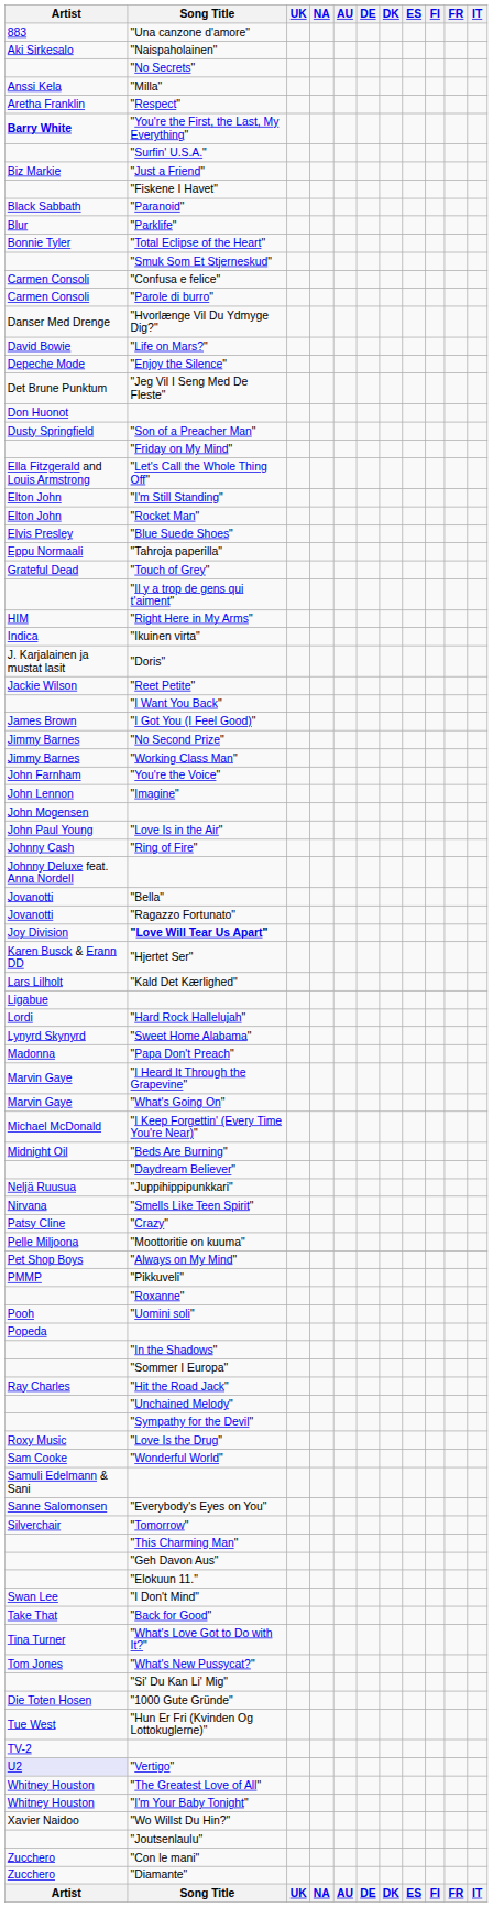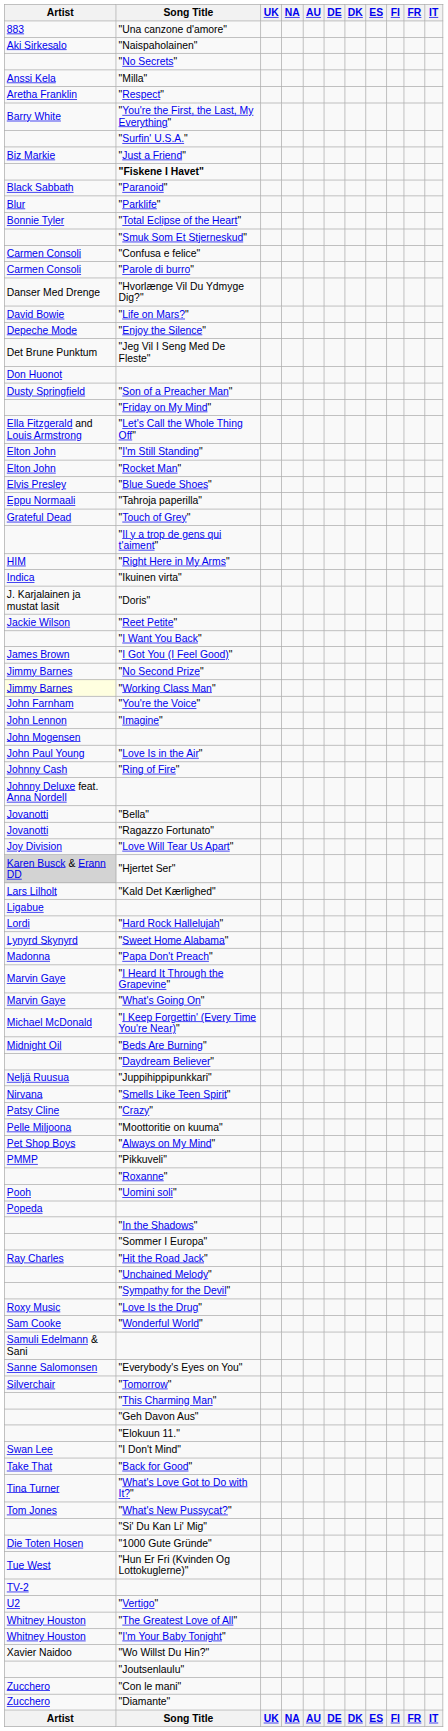 <table class="wikitable sortable" style="font-size:90%; texisn notmargin: 5px;">
 <tr>
 <th style="width:240px;">Artist</th>
 <th style="width:280px;">Song Title</th>
 <th width=25px><a href='#'>UK</a></th>
 <th width=25px><a href='#'>NA</a></th>
 <th width=25px><a href='#'>AU</a></th>
 <th width=25px><a href='#'>DE</a></th>
 <th width=25px><a href='#'>DK</a></th>
 <th width=25px><a href='#'>ES</a></th>
 <th width=25px><a href='#'>FI</a></th>
 <th width=25px><a href='#'>FR</a></th>
 <th width=25px><a href='#'>IT</a></th>
 </tr>
 <tr>
 <td><a href='#'>883</a></td>
 <td>"Una canzone d'amore"</td>
 <td></td>
 <td></td>
 <td></td>
 <td></td>
 <td></td>
 <td></td>
 <td></td>
 <td></td>
 <td></td>
 </tr>
 <tr>
 <td><a href='#'>Aki Sirkesalo</a></td>
 <td>"Naispaholainen"</td>
 <td></td>
 <td></td>
 <td></td>
 <td></td>
 <td></td>
 <td></td>
 <td></td>
 <td></td>
 <td></td>
 </tr>
 <tr>
 <td></td>
 <td>"<a href='#'>No Secrets</a>"</td>
 <td></td>
 <td></td>
 <td></td>
 <td></td>
 <td></td>
 <td></td>
 <td></td>
 <td></td>
 <td></td>
 </tr>
 <tr>
 <td><a href='#'>Anssi Kela</a></td>
 <td>"Milla"</td>
 <td></td>
 <td></td>
 <td></td>
 <td></td>
 <td></td>
 <td></td>
 <td></td>
 <td></td>
 <td></td>
 </tr>
 <tr>
 <td><a href='#'>Aretha Franklin</a></td>
 <td>"<a href='#'>Respect</a>"</td>
 <td></td>
 <td></td>
 <td></td>
 <td></td>
 <td></td>
 <td></td>
 <td></td>
 <td></td>
 <td></td>
 </tr>
 <tr>
-<td><strong><a href='#'>Barry White</a></strong></td>
+<td><a href='#'>Barry White</a></td>
 <td>"<a href='#'>You're the First, the Last, My Everything</a>"</td>
 <td></td>
 <td></td>
 <td></td>
 <td></td>
 <td></td>
 <td></td>
 <td></td>
 <td></td>
 <td></td>
 </tr>
 <tr>
 <td></td>
 <td>"<a href='#'>Surfin' U.S.A.</a>"</td>
 <td></td>
 <td></td>
 <td></td>
 <td></td>
 <td></td>
 <td></td>
 <td></td>
 <td></td>
 <td></td>
 </tr>
 <tr>
 <td><a href='#'>Biz Markie</a></td>
 <td>"<a href='#'>Just a Friend</a>"</td>
 <td></td>
 <td></td>
 <td></td>
 <td></td>
 <td></td>
 <td></td>
 <td></td>
 <td></td>
 <td></td>
 </tr>
 <tr>
 <td></td>
-<td>"Fiskene I Havet"</td>
+<td><strong>"Fiskene I Havet"</strong></td>
 <td></td>
 <td></td>
 <td></td>
 <td></td>
 <td></td>
 <td></td>
 <td></td>
 <td></td>
 <td></td>
 </tr>
 <tr>
 <td><a href='#'>Black Sabbath</a></td>
 <td>"<a href='#'>Paranoid</a>"</td>
 <td></td>
 <td></td>
 <td></td>
 <td></td>
 <td></td>
 <td></td>
 <td></td>
 <td></td>
 <td></td>
 </tr>
 <tr>
 <td><a href='#'>Blur</a></td>
 <td>"<a href='#'>Parklife</a>"</td>
 <td></td>
 <td></td>
 <td></td>
 <td></td>
 <td></td>
 <td></td>
 <td></td>
 <td></td>
 <td></td>
 </tr>
 <tr>
 <td><a href='#'>Bonnie Tyler</a></td>
 <td>"<a href='#'>Total Eclipse of the Heart</a>"</td>
 <td></td>
 <td></td>
 <td></td>
 <td></td>
 <td></td>
 <td></td>
 <td></td>
 <td></td>
 <td></td>
 </tr>
 <tr>
 <td></td>
 <td>"<a href='#'>Smuk Som Et Stjerneskud</a>"</td>
 <td></td>
 <td></td>
 <td></td>
 <td></td>
 <td></td>
 <td></td>
 <td></td>
 <td></td>
 <td></td>
 </tr>
 <tr>
 <td><a href='#'>Carmen Consoli</a></td>
 <td>"Confusa e felice"</td>
 <td></td>
 <td></td>
 <td></td>
 <td></td>
 <td></td>
 <td></td>
 <td></td>
 <td></td>
 <td></td>
 </tr>
 <tr>
 <td><a href='#'>Carmen Consoli</a></td>
 <td>"<a href='#'>Parole di burro</a>"</td>
 <td></td>
 <td></td>
 <td></td>
 <td></td>
 <td></td>
 <td></td>
 <td></td>
 <td></td>
 <td></td>
 </tr>
 <tr>
 <td>Danser Med Drenge</td>
 <td>"Hvorlænge Vil Du Ydmyge Dig?"</td>
 <td></td>
 <td></td>
 <td></td>
 <td></td>
 <td></td>
 <td></td>
 <td></td>
 <td></td>
 <td></td>
 </tr>
 <tr>
 <td><a href='#'>David Bowie</a></td>
 <td>"<a href='#'>Life on Mars?</a>"</td>
 <td></td>
 <td></td>
 <td></td>
 <td></td>
 <td></td>
 <td></td>
 <td></td>
 <td></td>
 <td></td>
 </tr>
 <tr>
 <td><a href='#'>Depeche Mode</a></td>
 <td>"<a href='#'>Enjoy the Silence</a>"</td>
 <td></td>
 <td></td>
 <td></td>
 <td></td>
 <td></td>
 <td></td>
 <td></td>
 <td></td>
 <td></td>
 </tr>
 <tr>
 <td>Det Brune Punktum</td>
 <td>"Jeg Vil I Seng Med De Fleste"</td>
 <td></td>
 <td></td>
 <td></td>
 <td></td>
 <td></td>
 <td></td>
 <td></td>
 <td></td>
 <td></td>
 </tr>
 <tr>
 <td><a href='#'>Don Huonot</a></td>
 <td></td>
 <td></td>
 <td></td>
 <td></td>
 <td></td>
 <td></td>
 <td></td>
 <td></td>
 <td></td>
 <td></td>
 </tr>
 <tr>
 <td><a href='#'>Dusty Springfield</a></td>
 <td>"<a href='#'>Son of a Preacher Man</a>"</td>
 <td></td>
 <td></td>
 <td></td>
 <td></td>
 <td></td>
 <td></td>
 <td></td>
 <td></td>
 <td></td>
 </tr>
 <tr>
 <td></td>
 <td>"<a href='#'>Friday on My Mind</a>"</td>
 <td></td>
 <td></td>
 <td></td>
 <td></td>
 <td></td>
 <td></td>
 <td></td>
 <td></td>
 <td></td>
 </tr>
 <tr>
 <td><a href='#'>Ella Fitzgerald</a> and <a href='#'>Louis Armstrong</a></td>
 <td>"<a href='#'>Let's Call the Whole Thing Off</a>"</td>
 <td></td>
 <td></td>
 <td></td>
 <td></td>
 <td></td>
 <td></td>
 <td></td>
 <td></td>
 <td></td>
 </tr>
 <tr>
 <td><a href='#'>Elton John</a></td>
 <td>"<a href='#'>I'm Still Standing</a>"</td>
 <td></td>
 <td></td>
 <td></td>
 <td></td>
 <td></td>
 <td></td>
 <td></td>
 <td></td>
 <td></td>
 </tr>
 <tr>
 <td><a href='#'>Elton John</a></td>
 <td>"<a href='#'>Rocket Man</a>"</td>
 <td></td>
 <td></td>
 <td></td>
 <td></td>
 <td></td>
 <td></td>
 <td></td>
 <td></td>
 <td></td>
 </tr>
 <tr>
 <td><a href='#'>Elvis Presley</a></td>
 <td>"<a href='#'>Blue Suede Shoes</a>"</td>
 <td></td>
 <td></td>
 <td></td>
 <td></td>
 <td></td>
 <td></td>
 <td></td>
 <td></td>
 <td></td>
 </tr>
 <tr>
 <td><a href='#'>Eppu Normaali</a></td>
 <td>"Tahroja paperilla"</td>
 <td></td>
 <td></td>
 <td></td>
 <td></td>
 <td></td>
 <td></td>
 <td></td>
 <td></td>
 <td></td>
 </tr>
 <tr>
 <td><a href='#'>Grateful Dead</a></td>
 <td>"<a href='#'>Touch of Grey</a>"</td>
 <td></td>
 <td></td>
 <td></td>
 <td></td>
 <td></td>
 <td></td>
 <td></td>
 <td></td>
 <td></td>
 </tr>
 <tr>
 <td></td>
 <td>"<a href='#'>Il y a trop de gens qui t'aiment</a>"</td>
 <td></td>
 <td></td>
 <td></td>
 <td></td>
 <td></td>
 <td></td>
 <td></td>
 <td></td>
 <td></td>
 </tr>
 <tr>
 <td><a href='#'>HIM</a></td>
 <td>"<a href='#'>Right Here in My Arms</a>"</td>
 <td></td>
 <td></td>
 <td></td>
 <td></td>
 <td></td>
 <td></td>
 <td></td>
 <td></td>
 <td></td>
 </tr>
 <tr>
 <td><a href='#'>Indica</a></td>
 <td>"Ikuinen virta"</td>
 <td></td>
 <td></td>
 <td></td>
 <td></td>
 <td></td>
 <td></td>
 <td></td>
 <td></td>
 <td></td>
 </tr>
 <tr>
 <td>J. Karjalainen ja mustat lasit</td>
 <td>"Doris"</td>
 <td></td>
 <td></td>
 <td></td>
 <td></td>
 <td></td>
 <td></td>
 <td></td>
 <td></td>
 <td></td>
 </tr>
 <tr>
 <td><a href='#'>Jackie Wilson</a></td>
 <td>"<a href='#'>Reet Petite</a>"</td>
 <td></td>
 <td></td>
 <td></td>
 <td></td>
 <td></td>
 <td></td>
 <td></td>
 <td></td>
 <td></td>
 </tr>
 <tr>
 <td></td>
 <td>"<a href='#'>I Want You Back</a>"</td>
 <td></td>
 <td></td>
 <td></td>
 <td></td>
 <td></td>
 <td></td>
 <td></td>
 <td></td>
 <td></td>
 </tr>
 <tr>
 <td><a href='#'>James Brown</a></td>
 <td>"<a href='#'>I Got You (I Feel Good)</a>"</td>
 <td></td>
 <td></td>
 <td></td>
 <td></td>
 <td></td>
 <td></td>
 <td></td>
 <td></td>
 <td></td>
 </tr>
 <tr>
 <td><a href='#'>Jimmy Barnes</a></td>
 <td>"<a href='#'>No Second Prize</a>"</td>
 <td></td>
 <td></td>
 <td></td>
 <td></td>
 <td></td>
 <td></td>
 <td></td>
 <td></td>
 <td></td>
 </tr>
 <tr>
-<td><a href='#'>Jimmy Barnes</a></td>
+<td style="background: lightyellow;"><a href='#'>Jimmy Barnes</a></td>
 <td>"<a href='#'>Working Class Man</a>"</td>
 <td></td>
 <td></td>
 <td></td>
 <td></td>
 <td></td>
 <td></td>
 <td></td>
 <td></td>
 <td></td>
 </tr>
 <tr>
 <td><a href='#'>John Farnham</a></td>
 <td>"<a href='#'>You're the Voice</a>"</td>
 <td></td>
 <td></td>
 <td></td>
 <td></td>
 <td></td>
 <td></td>
 <td></td>
 <td></td>
 <td></td>
 </tr>
 <tr>
 <td><a href='#'>John Lennon</a></td>
 <td>"<a href='#'>Imagine</a>"</td>
 <td></td>
 <td></td>
 <td></td>
 <td></td>
 <td></td>
 <td></td>
 <td></td>
 <td></td>
 <td></td>
 </tr>
 <tr>
 <td><a href='#'>John Mogensen</a></td>
 <td></td>
 <td></td>
 <td></td>
 <td></td>
 <td></td>
 <td></td>
 <td></td>
 <td></td>
 <td></td>
 <td></td>
 </tr>
 <tr>
 <td><a href='#'>John Paul Young</a></td>
 <td>"<a href='#'>Love Is in the Air</a>"</td>
 <td></td>
 <td></td>
 <td></td>
 <td></td>
 <td></td>
 <td></td>
 <td></td>
 <td></td>
 <td></td>
 </tr>
 <tr>
 <td><a href='#'>Johnny Cash</a></td>
 <td>"<a href='#'>Ring of Fire</a>"</td>
 <td></td>
 <td></td>
 <td></td>
 <td></td>
 <td></td>
 <td></td>
 <td></td>
 <td></td>
 <td></td>
 </tr>
 <tr>
 <td><a href='#'>Johnny Deluxe</a> feat. <a href='#'>Anna Nordell</a></td>
 <td></td>
 <td></td>
 <td></td>
 <td></td>
 <td></td>
 <td></td>
 <td></td>
 <td></td>
 <td></td>
 <td></td>
 </tr>
 <tr>
 <td><a href='#'>Jovanotti</a></td>
 <td>"Bella"</td>
 <td></td>
 <td></td>
 <td></td>
 <td></td>
 <td></td>
 <td></td>
 <td></td>
 <td></td>
 <td></td>
 </tr>
 <tr>
 <td><a href='#'>Jovanotti</a></td>
 <td>"Ragazzo Fortunato"</td>
 <td></td>
 <td></td>
 <td></td>
 <td></td>
 <td></td>
 <td></td>
 <td></td>
 <td></td>
 <td></td>
 </tr>
 <tr>
 <td><a href='#'>Joy Division</a></td>
-<td><strong>"<a href='#'>Love Will Tear Us Apart</a>"</strong></td>
+<td>"<a href='#'>Love Will Tear Us Apart</a>"</td>
 <td></td>
 <td></td>
 <td></td>
 <td></td>
 <td></td>
 <td></td>
 <td></td>
 <td></td>
 <td></td>
 </tr>
 <tr>
-<td><a href='#'>Karen Busck</a> & <a href='#'>Erann DD</a></td>
+<td style="background: lightgrey;"><a href='#'>Karen Busck</a> & <a href='#'>Erann DD</a></td>
 <td>"Hjertet Ser"</td>
 <td></td>
 <td></td>
 <td></td>
 <td></td>
 <td></td>
 <td></td>
 <td></td>
 <td></td>
 <td></td>
 </tr>
 <tr>
 <td><a href='#'>Lars Lilholt</a></td>
 <td>"Kald Det Kærlighed"</td>
 <td></td>
 <td></td>
 <td></td>
 <td></td>
 <td></td>
 <td></td>
 <td></td>
 <td></td>
 <td></td>
 </tr>
 <tr>
 <td><a href='#'>Ligabue</a></td>
 <td></td>
 <td></td>
 <td></td>
 <td></td>
 <td></td>
 <td></td>
 <td></td>
 <td></td>
 <td></td>
 <td></td>
 </tr>
 <tr>
 <td><a href='#'>Lordi</a></td>
 <td>"<a href='#'>Hard Rock Hallelujah</a>"</td>
 <td></td>
 <td></td>
 <td></td>
 <td></td>
 <td></td>
 <td></td>
 <td></td>
 <td></td>
 <td></td>
 </tr>
 <tr>
 <td><a href='#'>Lynyrd Skynyrd</a></td>
 <td>"<a href='#'>Sweet Home Alabama</a>"</td>
 <td></td>
 <td></td>
 <td></td>
 <td></td>
 <td></td>
 <td></td>
 <td></td>
 <td></td>
 <td></td>
 </tr>
 <tr>
 <td><a href='#'>Madonna</a></td>
 <td>"<a href='#'>Papa Don't Preach</a>"</td>
 <td></td>
 <td></td>
 <td></td>
 <td></td>
 <td></td>
 <td></td>
 <td></td>
 <td></td>
 <td></td>
 </tr>
 <tr>
 <td><a href='#'>Marvin Gaye</a></td>
 <td>"<a href='#'>I Heard It Through the Grapevine</a>"</td>
 <td></td>
 <td></td>
 <td></td>
 <td></td>
 <td></td>
 <td></td>
 <td></td>
 <td></td>
 <td></td>
 </tr>
 <tr>
 <td><a href='#'>Marvin Gaye</a></td>
 <td>"<a href='#'>What's Going On</a>"</td>
 <td></td>
 <td></td>
 <td></td>
 <td></td>
 <td></td>
 <td></td>
 <td></td>
 <td></td>
 <td></td>
 </tr>
 <tr>
 <td><a href='#'>Michael McDonald</a></td>
 <td>"<a href='#'>I Keep Forgettin' (Every Time You're Near)</a>"</td>
 <td></td>
 <td></td>
 <td></td>
 <td></td>
 <td></td>
 <td></td>
 <td></td>
 <td></td>
 <td></td>
 </tr>
 <tr>
 <td><a href='#'>Midnight Oil</a></td>
 <td>"<a href='#'>Beds Are Burning</a>"</td>
 <td></td>
 <td></td>
 <td></td>
 <td></td>
 <td></td>
 <td></td>
 <td></td>
 <td></td>
 <td></td>
 </tr>
 <tr>
 <td></td>
 <td>"<a href='#'>Daydream Believer</a>"</td>
 <td></td>
 <td></td>
 <td></td>
 <td></td>
 <td></td>
 <td></td>
 <td></td>
 <td></td>
 <td></td>
 </tr>
 <tr>
 <td><a href='#'>Neljä Ruusua</a></td>
 <td>"Juppihippipunkkari"</td>
 <td></td>
 <td></td>
 <td></td>
 <td></td>
 <td></td>
 <td></td>
 <td></td>
 <td></td>
 <td></td>
 </tr>
 <tr>
 <td><a href='#'>Nirvana</a></td>
 <td>"<a href='#'>Smells Like Teen Spirit</a>"</td>
 <td></td>
 <td></td>
 <td></td>
 <td></td>
 <td></td>
 <td></td>
 <td></td>
 <td></td>
 <td></td>
 </tr>
 <tr>
 <td><a href='#'>Patsy Cline</a></td>
 <td>"<a href='#'>Crazy</a>"</td>
 <td></td>
 <td></td>
 <td></td>
 <td></td>
 <td></td>
 <td></td>
 <td></td>
 <td></td>
 <td></td>
 </tr>
 <tr>
 <td><a href='#'>Pelle Miljoona</a></td>
 <td>"Moottoritie on kuuma"</td>
 <td></td>
 <td></td>
 <td></td>
 <td></td>
 <td></td>
 <td></td>
 <td></td>
 <td></td>
 <td></td>
 </tr>
 <tr>
 <td><a href='#'>Pet Shop Boys</a></td>
 <td>"<a href='#'>Always on My Mind</a>"</td>
 <td></td>
 <td></td>
 <td></td>
 <td></td>
 <td></td>
 <td></td>
 <td></td>
 <td></td>
 <td></td>
 </tr>
 <tr>
 <td><a href='#'>PMMP</a></td>
 <td>"Pikkuveli"</td>
 <td></td>
 <td></td>
 <td></td>
 <td></td>
 <td></td>
 <td></td>
 <td></td>
 <td></td>
 <td></td>
 </tr>
 <tr>
 <td></td>
 <td>"<a href='#'>Roxanne</a>"</td>
 <td></td>
 <td></td>
 <td></td>
 <td></td>
 <td></td>
 <td></td>
 <td></td>
 <td></td>
 <td></td>
 </tr>
 <tr>
 <td><a href='#'>Pooh</a></td>
 <td>"<a href='#'>Uomini soli</a>"</td>
 <td></td>
 <td></td>
 <td></td>
 <td></td>
 <td></td>
 <td></td>
 <td></td>
 <td></td>
 <td></td>
 </tr>
 <tr>
 <td><a href='#'>Popeda</a></td>
 <td></td>
 <td></td>
 <td></td>
 <td></td>
 <td></td>
 <td></td>
 <td></td>
 <td></td>
 <td></td>
 <td></td>
 </tr>
 <tr>
 <td></td>
 <td>"<a href='#'>In the Shadows</a>"</td>
 <td></td>
 <td></td>
 <td></td>
 <td></td>
 <td></td>
 <td></td>
 <td></td>
 <td></td>
 <td></td>
 </tr>
 <tr>
 <td></td>
 <td>"Sommer I Europa"</td>
 <td></td>
 <td></td>
 <td></td>
 <td></td>
 <td></td>
 <td></td>
 <td></td>
 <td></td>
 <td></td>
 </tr>
 <tr>
 <td><a href='#'>Ray Charles</a></td>
 <td>"<a href='#'>Hit the Road Jack</a>"</td>
 <td></td>
 <td></td>
 <td></td>
 <td></td>
 <td></td>
 <td></td>
 <td></td>
 <td></td>
 <td></td>
 </tr>
 <tr>
 <td></td>
 <td>"<a href='#'>Unchained Melody</a>"</td>
 <td></td>
 <td></td>
 <td></td>
 <td></td>
 <td></td>
 <td></td>
 <td></td>
 <td></td>
 <td></td>
 </tr>
 <tr>
 <td></td>
 <td>"<a href='#'>Sympathy for the Devil</a>"</td>
 <td></td>
 <td></td>
 <td></td>
 <td></td>
 <td></td>
 <td></td>
 <td></td>
 <td></td>
 <td></td>
 </tr>
 <tr>
 <td><a href='#'>Roxy Music</a></td>
 <td>"<a href='#'>Love Is the Drug</a>"</td>
 <td></td>
 <td></td>
 <td></td>
 <td></td>
 <td></td>
 <td></td>
 <td></td>
 <td></td>
 <td></td>
 </tr>
 <tr>
 <td><a href='#'>Sam Cooke</a></td>
 <td>"<a href='#'>Wonderful World</a>"</td>
 <td></td>
 <td></td>
 <td></td>
 <td></td>
 <td></td>
 <td></td>
 <td></td>
 <td></td>
 <td></td>
 </tr>
 <tr>
 <td><a href='#'>Samuli Edelmann</a> & Sani</td>
 <td></td>
 <td></td>
 <td></td>
 <td></td>
 <td></td>
 <td></td>
 <td></td>
 <td></td>
 <td></td>
 <td></td>
 </tr>
 <tr>
 <td><a href='#'>Sanne Salomonsen</a></td>
 <td>"Everybody's Eyes on You"</td>
 <td></td>
 <td></td>
 <td></td>
 <td></td>
 <td></td>
 <td></td>
 <td></td>
 <td></td>
 <td></td>
 </tr>
 <tr>
 <td><a href='#'>Silverchair</a></td>
 <td>"<a href='#'>Tomorrow</a>"</td>
 <td></td>
 <td></td>
 <td></td>
 <td></td>
 <td></td>
 <td></td>
 <td></td>
 <td></td>
 <td></td>
 </tr>
 <tr>
 <td></td>
 <td>"<a href='#'>This Charming Man</a>"</td>
 <td></td>
 <td></td>
 <td></td>
 <td></td>
 <td></td>
 <td></td>
 <td></td>
 <td></td>
 <td></td>
 </tr>
 <tr>
 <td></td>
 <td>"Geh Davon Aus"</td>
 <td></td>
 <td></td>
 <td></td>
 <td></td>
 <td></td>
 <td></td>
 <td></td>
 <td></td>
 <td></td>
 </tr>
 <tr>
 <td></td>
 <td>"Elokuun 11."</td>
 <td></td>
 <td></td>
 <td></td>
 <td></td>
 <td></td>
 <td></td>
 <td></td>
 <td></td>
 <td></td>
 </tr>
 <tr>
 <td><a href='#'>Swan Lee</a></td>
 <td>"I Don't Mind"</td>
 <td></td>
 <td></td>
 <td></td>
 <td></td>
 <td></td>
 <td></td>
 <td></td>
 <td></td>
 <td></td>
 </tr>
 <tr>
 <td><a href='#'>Take That</a></td>
 <td>"<a href='#'>Back for Good</a>"</td>
 <td></td>
 <td></td>
 <td></td>
 <td></td>
 <td></td>
 <td></td>
 <td></td>
 <td></td>
 <td></td>
 </tr>
 <tr>
 <td><a href='#'>Tina Turner</a></td>
 <td>"<a href='#'>What's Love Got to Do with It?</a>"</td>
 <td></td>
 <td></td>
 <td></td>
 <td></td>
 <td></td>
 <td></td>
 <td></td>
 <td></td>
 <td></td>
 </tr>
 <tr>
 <td><a href='#'>Tom Jones</a></td>
 <td>"<a href='#'>What's New Pussycat?</a>"</td>
 <td></td>
 <td></td>
 <td></td>
 <td></td>
 <td></td>
 <td></td>
 <td></td>
 <td></td>
 <td></td>
 </tr>
 <tr>
 <td></td>
 <td>"Si' Du Kan Li' Mig"</td>
 <td></td>
 <td></td>
 <td></td>
 <td></td>
 <td></td>
 <td></td>
 <td></td>
 <td></td>
 <td></td>
 </tr>
 <tr>
 <td><a href='#'>Die Toten Hosen</a></td>
 <td>"1000 Gute Gründe"</td>
 <td></td>
 <td></td>
 <td></td>
 <td></td>
 <td></td>
 <td></td>
 <td></td>
 <td></td>
 <td></td>
 </tr>
 <tr>
 <td><a href='#'>Tue West</a></td>
 <td>"Hun Er Fri (Kvinden Og Lottokuglerne)"</td>
 <td></td>
 <td></td>
 <td></td>
 <td></td>
 <td></td>
 <td></td>
 <td></td>
 <td></td>
 <td></td>
 </tr>
 <tr>
 <td><a href='#'>TV-2</a></td>
 <td></td>
 <td></td>
 <td></td>
 <td></td>
 <td></td>
 <td></td>
 <td></td>
 <td></td>
 <td></td>
 <td></td>
 </tr>
 <tr>
-<td style="background: lavender;"><a href='#'>U2</a></td>
+<td><a href='#'>U2</a></td>
 <td>"<a href='#'>Vertigo</a>"</td>
 <td></td>
 <td></td>
 <td></td>
 <td></td>
 <td></td>
 <td></td>
 <td></td>
 <td></td>
 <td></td>
 </tr>
 <tr>
 <td><a href='#'>Whitney Houston</a></td>
 <td>"<a href='#'>The Greatest Love of All</a>"</td>
 <td></td>
 <td></td>
 <td></td>
 <td></td>
 <td></td>
 <td></td>
 <td></td>
 <td></td>
 <td></td>
 </tr>
 <tr>
 <td><a href='#'>Whitney Houston</a></td>
 <td>"<a href='#'>I'm Your Baby Tonight</a>"</td>
 <td></td>
 <td></td>
 <td></td>
 <td></td>
 <td></td>
 <td></td>
 <td></td>
 <td></td>
 <td></td>
 </tr>
 <tr>
 <td>Xavier Naidoo</td>
 <td>"Wo Willst Du Hin?"</td>
 <td></td>
 <td></td>
 <td></td>
 <td></td>
 <td></td>
 <td></td>
 <td></td>
 <td></td>
 <td></td>
 </tr>
 <tr>
 <td></td>
 <td>"Joutsenlaulu"</td>
 <td></td>
 <td></td>
 <td></td>
 <td></td>
 <td></td>
 <td></td>
 <td></td>
 <td></td>
 <td></td>
 </tr>
 <tr>
 <td><a href='#'>Zucchero</a></td>
 <td>"Con le mani"</td>
 <td></td>
 <td></td>
 <td></td>
 <td></td>
 <td></td>
 <td></td>
 <td></td>
 <td></td>
 <td></td>
 </tr>
 <tr>
 <td><a href='#'>Zucchero</a></td>
 <td>"Diamante"</td>
 <td></td>
 <td></td>
 <td></td>
 <td></td>
 <td></td>
 <td></td>
 <td></td>
 <td></td>
 <td></td>
 </tr>
 <tr class="sortbottom">
 <th>Artist</th>
 <th>Song Title</th>
 <th><a href='#'>UK</a></th>
 <th><a href='#'>NA</a></th>
 <th><a href='#'>AU</a></th>
 <th><a href='#'>DE</a></th>
 <th><a href='#'>DK</a></th>
 <th><a href='#'>ES</a></th>
 <th><a href='#'>FI</a></th>
 <th><a href='#'>FR</a></th>
 <th><a href='#'>IT</a></th>
 </tr>
 </table>
